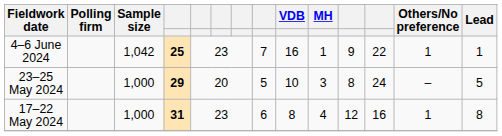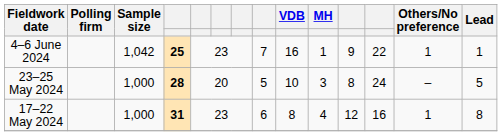 <table class="wikitable sortable" style="text-align:center;font-size:95%;line-height:16px;">
 <tr>
 <th rowspan="2">Fieldwork date</th>
 <th rowspan="2">Polling firm</th>
 <th rowspan="2">Sample<br>size</th>
 <th style="width:35px;"></th>
 <th style="width:35px;"></th>
 <th style="width:35px;"></th>
 <th style="width:35px;"></th>
 <th style="width:35px;"></th>
 <th style="width:35px;"><a href='#'>VDB</a> </th>
 <th style="width:35px;"><a href='#'>MH</a></th>
 <th style="width:35px;"></th>
 <th class="unsortable" style="width:40px;"></th>
 <th rowspan="2">Others/No preference</th>
 <th rowspan="2">Lead</th>
 </tr>
 <tr>
 <th style="background:"></th>
 <th style="background:"></th>
 <th style="background:"></th>
 <th style="background:"></th>
 <th style="background:"></th>
 <th style="background:"></th>
 <th style="background:"></th>
 <th style="background:"></th>
 <th style="background:"></th>
 </tr>
 <tr>
 <td data-sort-value="2024-06-06">4–6 June 2024</td>
 <td></td>
 <td>1,042</td>
 <td style="background:#FFE5B4"><strong>25</strong></td>
 <td colspan=3>23</td>
 <td>7</td>
 <td>16</td>
 <td>1</td>
 <td>9</td>
 <td>22</td>
 <td>1</td>
 <td style="background:">1</td>
 </tr>
 <tr>
 <td data-sort-value="2024-05-25">23–25 May 2024</td>
 <td></td>
 <td>1,000</td>
-<td style="background:#FFE5B4"><strong>29</strong></td>
+<td style="background:#FFE5B4"><strong>28</strong></td>
 <td colspan=3>20</td>
 <td>5</td>
 <td>10</td>
 <td>3</td>
 <td>8</td>
 <td>24</td>
 <td>–</td>
 <td style="background:">5</td>
 </tr>
 <tr>
 <td data-sort-value="2024-05-22">17–22 May 2024</td>
 <td></td>
 <td>1,000</td>
 <td style="background:#FFE5B4"><strong>31</strong></td>
 <td colspan=3>23</td>
 <td>6</td>
 <td>8</td>
 <td>4</td>
 <td>12</td>
 <td>16</td>
 <td>1</td>
 <td style="background:">8</td>
 </tr>
 <tr>
 </tr>
 </table>
